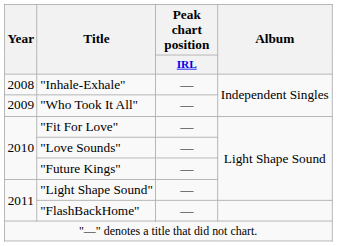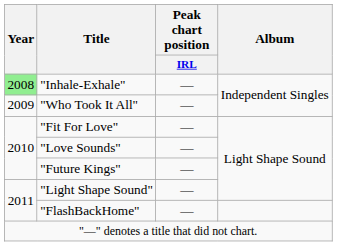 <table class="wikitable" style="text-align:center;">
 <tr>
 <th rowspan=2>Year</th>
 <th rowspan=2>Title</th>
 <th>Peak chart position</th>
 <th rowspan="2">Album</th>
 </tr>
 <tr>
 <th style="width:5em;font-size:85%"><a href='#'>IRL</a></th>
 </tr>
 <tr>
-<td rowspan="1">2008</td>
+<td rowspan="1" style="background: lightgreen;">2008</td>
 <td style="text-align:left;">"Inhale-Exhale"</td>
 <td>—</td>
 <td rowspan="2">Independent Singles</td>
 </tr>
 <tr>
 <td rowspan="1">2009</td>
 <td style="text-align:left;">"Who Took It All"</td>
 <td>—</td>
 </tr>
 <tr>
 <td rowspan="3">2010</td>
 <td style="text-align:left;">"Fit For Love"</td>
 <td>—</td>
 <td rowspan="4">Light Shape Sound</td>
 </tr>
 <tr>
 <td style="text-align:left;">"Love Sounds"</td>
 <td>—</td>
 </tr>
 <tr>
 <td style="text-align:left;">"Future Kings"</td>
 <td>—</td>
 </tr>
 <tr>
 <td rowspan="2">2011</td>
 <td style="text-align:left;">"Light Shape Sound"</td>
 <td>—</td>
 </tr>
 <tr>
 <td style="text-align:left;">"FlashBackHome"</td>
 <td>—</td>
 </tr>
 <tr>
 <td colspan="4" style="font-size:90%">"—" denotes a title that did not chart.</td>
 </tr>
 </table>
